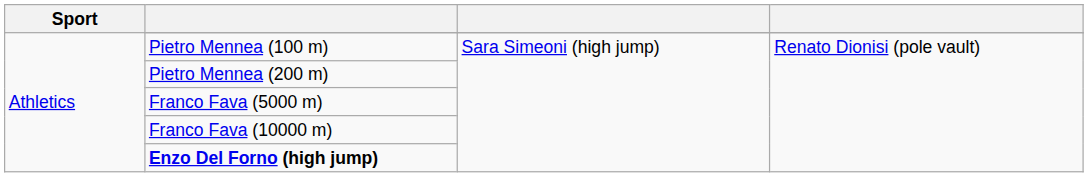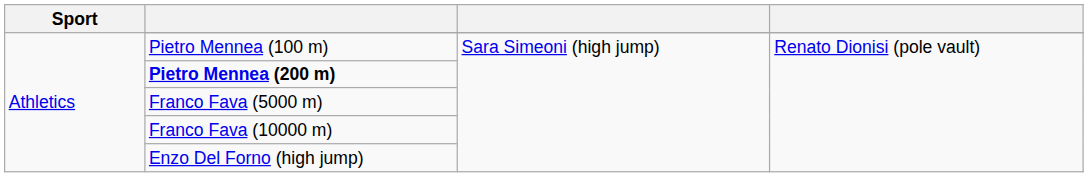 <table class="wikitable" width=70% style="font-size:90%; text-align:left;">
 <tr>
 <th width=13%>Sport</th>
 <th width=29%></th>
 <th width=29%></th>
 <th width=29%></th>
 </tr>
 <tr>
 <td rowspan=6> <a href='#'>Athletics</a></td>
 </tr>
 <tr>
 <td><a href='#'>Pietro Mennea</a> (100 m)</td>
 <td rowspan=5 valign=top><a href='#'>Sara Simeoni</a> (high jump)</td>
 <td rowspan=5 valign=top><a href='#'>Renato Dionisi</a> (pole vault)</td>
 </tr>
 <tr>
-<td><a href='#'>Pietro Mennea</a> (200 m)</td>
+<td><strong><a href='#'>Pietro Mennea</a> (200 m)</strong></td>
 </tr>
 <tr>
 <td><a href='#'>Franco Fava</a> (5000 m)</td>
 </tr>
 <tr>
 <td><a href='#'>Franco Fava</a> (10000 m)</td>
 </tr>
 <tr>
-<td><strong><a href='#'>Enzo Del Forno</a> (high jump)</strong></td>
+<td><a href='#'>Enzo Del Forno</a> (high jump)</td>
 </tr>
 </table>
